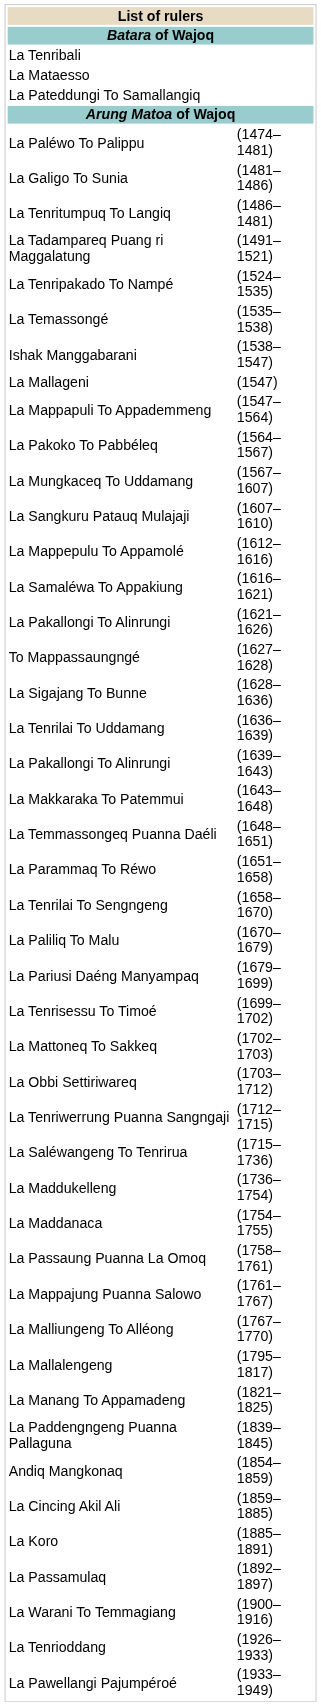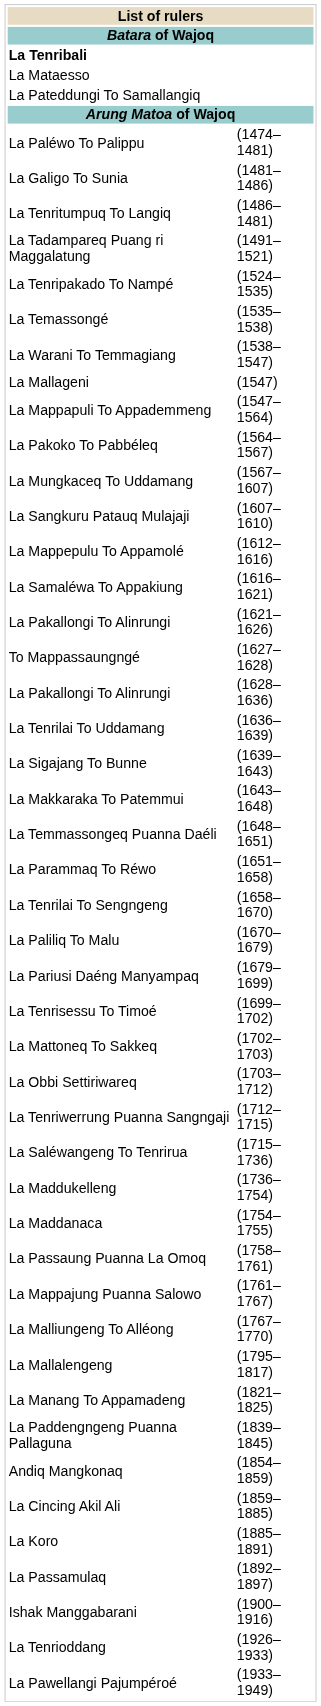 <table class="me collapsible" width="300" style="float: right; clear: right; margin: 0 0 1em 1em; font-family: arial; font-size: 85%; border: 1px solid #cccccc">
 <tr>
 <th colspan="2" style="background-color: #e7dcc3">List of rulers</th>
 </tr>
 <tr>
 <th colspan="2" style="background-color: #99CCCC"><em>Batara</em> of Wajoq</th>
 </tr>
 <tr>
-<td>La Tenribali</td>
+<td><strong>La Tenribali</strong></td>
 <td></td>
 </tr>
 <tr>
 <td>La Mataesso</td>
 <td></td>
 </tr>
 <tr>
 <td>La Pateddungi To Samallangiq</td>
 <td></td>
 </tr>
 <tr>
 <th colspan="2" style="background-color: #99CCCC"><em>Arung Matoa</em> of Wajoq</th>
 </tr>
 <tr>
 <td>La Paléwo To Palippu</td>
 <td>(1474–1481)</td>
 </tr>
 <tr>
 <td>La Galigo To Sunia</td>
 <td>(1481–1486)</td>
 </tr>
 <tr>
 <td>La Tenritumpuq To Langiq</td>
 <td>(1486–1481)</td>
 </tr>
 <tr>
 <td>La Tadampareq Puang ri Maggalatung</td>
 <td>(1491–1521)</td>
 </tr>
 <tr>
 <td>La Tenripakado To Nampé</td>
 <td>(1524–1535)</td>
 </tr>
 <tr>
 <td>La Temassongé</td>
 <td>(1535–1538)</td>
 </tr>
 <tr>
-<td>Ishak Manggabarani</td>
+<td>La Warani To Temmagiang</td>
 <td>(1538–1547)</td>
 </tr>
 <tr>
 <td>La Mallageni</td>
 <td>(1547)</td>
 </tr>
 <tr>
 <td>La Mappapuli To Appademmeng</td>
 <td>(1547–1564)</td>
 </tr>
 <tr>
 <td>La Pakoko To Pabbéleq</td>
 <td>(1564–1567)</td>
 </tr>
 <tr>
 <td>La Mungkaceq To Uddamang</td>
 <td>(1567–1607)</td>
 </tr>
 <tr>
 <td>La Sangkuru Patauq Mulajaji</td>
 <td>(1607–1610)</td>
 </tr>
 <tr>
 <td>La Mappepulu To Appamolé</td>
 <td>(1612–1616)</td>
 </tr>
 <tr>
 <td>La Samaléwa To Appakiung</td>
 <td>(1616–1621)</td>
 </tr>
 <tr>
 <td>La Pakallongi To Alinrungi</td>
 <td>(1621–1626)</td>
 </tr>
 <tr>
 <td>To Mappassaungngé</td>
 <td>(1627–1628)</td>
 </tr>
 <tr>
-<td>La Sigajang To Bunne</td>
+<td>La Pakallongi To Alinrungi</td>
 <td>(1628–1636)</td>
 </tr>
 <tr>
 <td>La Tenrilai To Uddamang</td>
 <td>(1636–1639)</td>
 </tr>
 <tr>
-<td>La Pakallongi To Alinrungi</td>
+<td>La Sigajang To Bunne</td>
 <td>(1639–1643)</td>
 </tr>
 <tr>
 <td>La Makkaraka To Patemmui</td>
 <td>(1643–1648)</td>
 </tr>
 <tr>
 <td>La Temmassongeq Puanna Daéli</td>
 <td>(1648–1651)</td>
 </tr>
 <tr>
 <td>La Parammaq To Réwo</td>
 <td>(1651–1658)</td>
 </tr>
 <tr>
 <td>La Tenrilai To Sengngeng</td>
 <td>(1658–1670)</td>
 </tr>
 <tr>
 <td>La Paliliq To Malu</td>
 <td>(1670–1679)</td>
 </tr>
 <tr>
 <td>La Pariusi Daéng Manyampaq</td>
 <td>(1679–1699)</td>
 </tr>
 <tr>
 <td>La Tenrisessu To Timoé</td>
 <td>(1699–1702)</td>
 </tr>
 <tr>
 <td>La Mattoneq To Sakkeq</td>
 <td>(1702–1703)</td>
 </tr>
 <tr>
 <td>La Obbi Settiriwareq</td>
 <td>(1703–1712)</td>
 </tr>
 <tr>
 <td>La Tenriwerrung Puanna Sangngaji</td>
 <td>(1712–1715)</td>
 </tr>
 <tr>
 <td>La Saléwangeng To Tenrirua</td>
 <td>(1715–1736)</td>
 </tr>
 <tr>
 <td>La Maddukelleng</td>
 <td>(1736–1754)</td>
 </tr>
 <tr>
 <td>La Maddanaca</td>
 <td>(1754–1755)</td>
 </tr>
 <tr>
 <td>La Passaung Puanna La Omoq</td>
 <td>(1758–1761)</td>
 </tr>
 <tr>
 <td>La Mappajung Puanna Salowo</td>
 <td>(1761–1767)</td>
 </tr>
 <tr>
 <td>La Malliungeng To Alléong</td>
 <td>(1767–1770)</td>
 </tr>
 <tr>
 <td>La Mallalengeng</td>
 <td>(1795–1817)</td>
 </tr>
 <tr>
 <td>La Manang To Appamadeng</td>
 <td>(1821–1825)</td>
 </tr>
 <tr>
 <td>La Paddengngeng Puanna Pallaguna</td>
 <td>(1839–1845)</td>
 </tr>
 <tr>
 <td>Andiq Mangkonaq</td>
 <td>(1854–1859)</td>
 </tr>
 <tr>
 <td>La Cincing Akil Ali</td>
 <td>(1859–1885)</td>
 </tr>
 <tr>
 <td>La Koro</td>
 <td>(1885–1891)</td>
 </tr>
 <tr>
 <td>La Passamulaq</td>
 <td>(1892–1897)</td>
 </tr>
 <tr>
-<td>La Warani To Temmagiang</td>
+<td>Ishak Manggabarani</td>
 <td>(1900–1916)</td>
 </tr>
 <tr>
 <td>La Tenrioddang</td>
 <td>(1926–1933)</td>
 </tr>
 <tr>
 <td>La Pawellangi Pajumpéroé</td>
 <td>(1933–1949)</td>
 </tr>
 </table>
